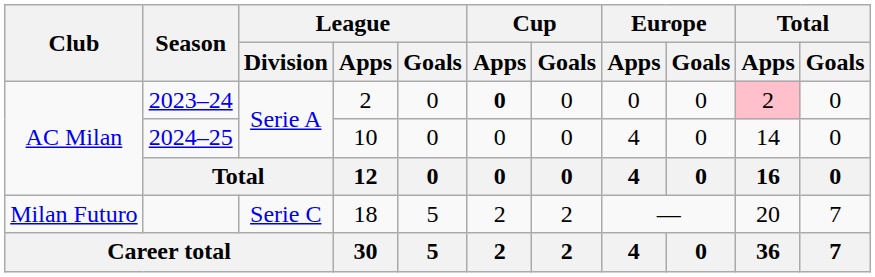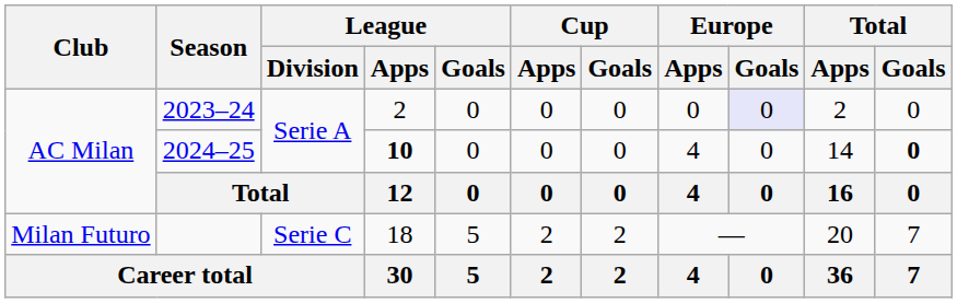 <table class="wikitable" style="text-align:center">
 <tr>
 <th rowspan="2">Club</th>
 <th rowspan="2">Season</th>
 <th colspan="3">League</th>
 <th colspan="2">Cup</th>
 <th colspan="2">Europe</th>
 <th colspan="2">Total</th>
 </tr>
 <tr>
 <th>Division</th>
 <th>Apps</th>
 <th>Goals</th>
 <th>Apps</th>
 <th>Goals</th>
 <th>Apps</th>
 <th>Goals</th>
 <th>Apps</th>
 <th>Goals</th>
 </tr>
 <tr>
 <td rowspan="3"><a href='#'>AC Milan</a></td>
 <td><a href='#'>2023–24</a></td>
 <td rowspan="2"><a href='#'>Serie A</a></td>
 <td>2</td>
 <td>0</td>
-<td><strong>0</strong></td>
 <td>0</td>
 <td>0</td>
 <td>0</td>
-<td style="background: pink;">2</td>
+<td style="background: lavender;">0</td>
+<td>2</td>
 <td>0</td>
 </tr>
 <tr>
 <td><a href='#'>2024–25</a></td>
-<td>10</td>
+<td><strong>10</strong></td>
 <td>0</td>
 <td>0</td>
 <td>0</td>
 <td>4</td>
 <td>0</td>
 <td>14</td>
-<td>0</td>
+<td><strong>0</strong></td>
 </tr>
 <tr>
 <th colspan="2">Total</th>
 <th>12</th>
 <th>0</th>
 <th>0</th>
 <th>0</th>
 <th>4</th>
 <th>0</th>
 <th>16</th>
 <th>0</th>
 </tr>
 <tr>
 <td><a href='#'>Milan Futuro</a></td>
 <td></td>
 <td><a href='#'>Serie C</a></td>
 <td>18</td>
 <td>5</td>
 <td>2</td>
 <td>2</td>
 <td colspan="2">—</td>
 <td>20</td>
 <td>7</td>
 </tr>
 <tr>
 <th colspan="3">Career total</th>
 <th>30</th>
 <th>5</th>
 <th>2</th>
 <th>2</th>
 <th>4</th>
 <th>0</th>
 <th>36</th>
 <th>7</th>
 </tr>
 </table>
